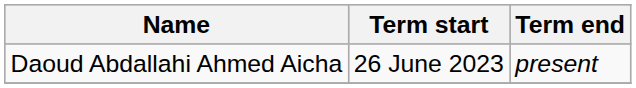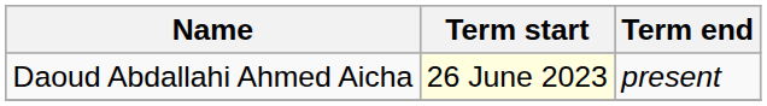 <table class="wikitable" style="font-size:95%;">
 <tr>
 <th>Name</th>
 <th>Term start</th>
 <th>Term end</th>
 </tr>
 <tr>
 <td>Daoud Abdallahi Ahmed Aicha</td>
-<td>26 June 2023</td>
+<td style="background: lightyellow;">26 June 2023</td>
 <td><em>present</em></td>
 </tr>
 <tr>
 </tr>
 </table>
